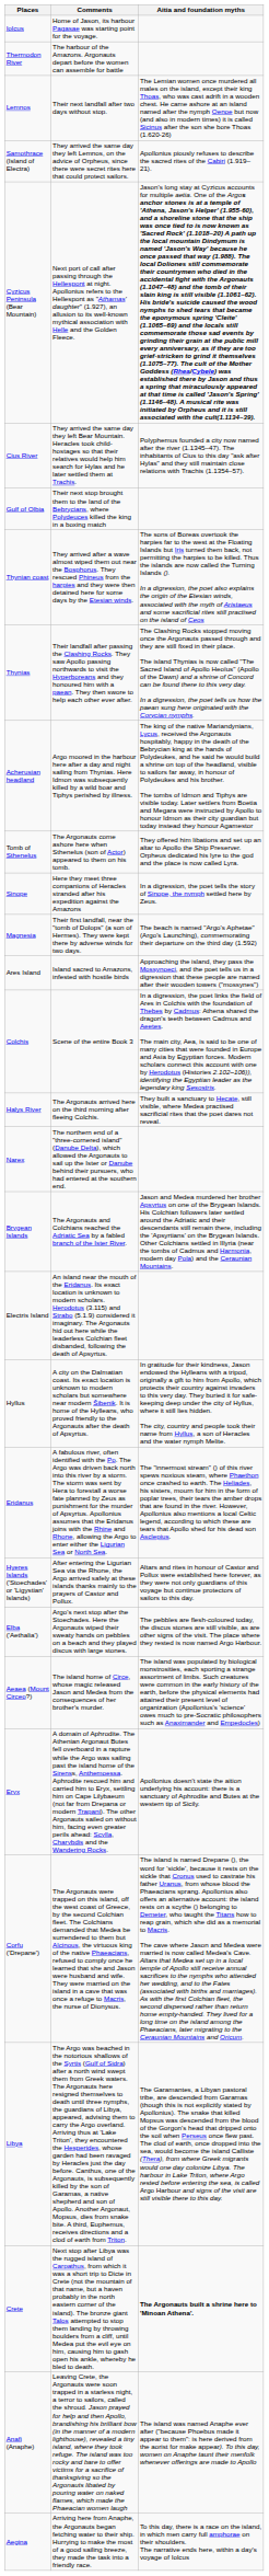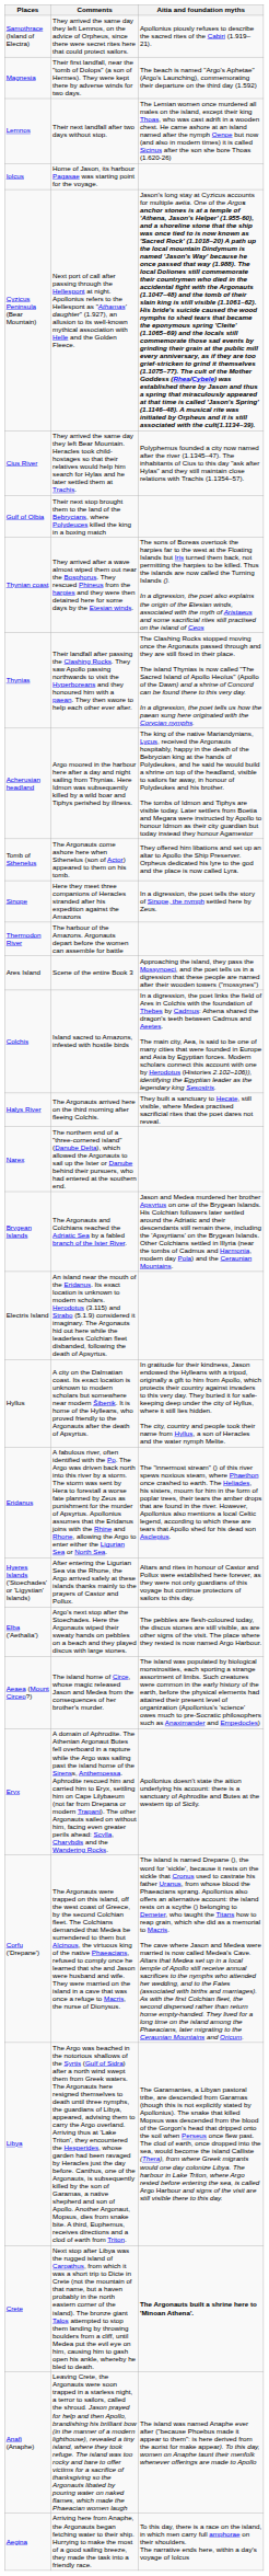 <table class="wikitable">
 <tr>
 <th>Places</th>
 <th>Comments</th>
 <th>Aitia and foundation myths</th>
 </tr>
 <tr>
-<td><a href='#'>Iolcus</a></td>
-<td>Home of Jason, its harbour <a href='#'>Pagasae</a> was starting point for the voyage.</td>
-<td></td>
+<td><a href='#'>Samothrace</a> (Island of Electra)</td>
+<td>They arrived the same day they left Lemnos, on the advice of Orpheus, since there were secret rites here that could protect sailors.</td>
+<td>Apollonius piously refuses to describe the sacred rites of the <a href='#'>Cabiri</a> (1.919–21).</td>
 </tr>
 <tr>
-<td><a href='#'>Thermodon River</a></td>
-<td>The harbour of the Amazons. Argonauts depart before the women can assemble for battle</td>
-<td></td>
+<td><a href='#'>Magnesia</a></td>
+<td>Their first landfall, near the "tomb of Dolops" (a son of Hermes). They were kept there by adverse winds for two days.</td>
+<td>The beach is named "Argo's Aphetae" (Argo's Launching), commemorating their departure on the third day (1.592)</td>
 </tr>
 <tr>
 <td><a href='#'>Lemnos</a></td>
 <td>Their next landfall after two days without stop.</td>
 <td>The Lemian women once murdered all males on the island, except their king <a href='#'>Thoas</a>, who was cast adrift in a wooden chest. He came ashore at an island named after the nymph <a href='#'>Oenoe</a> but now (and also in modern times) it is called <a href='#'>Sicinus</a> after the son she bore Thoas (1.620-26)</td>
 </tr>
 <tr>
-<td><a href='#'>Samothrace</a> (Island of Electra)</td>
-<td>They arrived the same day they left Lemnos, on the advice of Orpheus, since there were secret rites here that could protect sailors.</td>
-<td>Apollonius piously refuses to describe the sacred rites of the <a href='#'>Cabiri</a> (1.919–21).</td>
+<td><a href='#'>Iolcus</a></td>
+<td>Home of Jason, its harbour <a href='#'>Pagasae</a> was starting point for the voyage.</td>
+<td></td>
 </tr>
 <tr>
 <td><a href='#'>Cyzicus Peninsula</a> (Bear Mountain)</td>
 <td>Next port of call after passing through the <a href='#'>Hellespont</a> at night. Apollonius refers to the Hellespont as "<em><a href='#'>Athamas</a>' daughter</em>" (1.927), an allusion to its well-known mythical association with <a href='#'>Helle</a> and the Golden Fleece.</td>
 <td>Jason's long stay at Cyzicus accounts for multiple <em>aetia</em>. One of the <em>Argo<strong>s anchor stones is at a temple of 'Athena, Jason's Helper' (1.955-60), and a shoreline stone that the ship was once tied to is now known as 'Sacred Rock' (1.1018–20) A path up the local mountain Dindymum is named 'Jason's Way' because he once passed that way (1.988). The local Doliones still commemorate their countrymen who died in the accidental fight with the Argonauts (1.1047–48) and the tomb of their slain king is still visible (1.1061–62). His bride's suicide caused the wood nymphs to shed tears that became the eponymous spring 'Cleite' (1.1065–69) and the locals still commemorate those sad events by grinding their grain at the public mill every anniversary, as if they are too grief-stricken to grind it themselves (1.1075–77). The cult of the Mother Goddess (<a href='#'>Rhea</a>/<a href='#'>Cybele</a>) was established there by Jason and thus a spring that miraculously appeared at that time is called 'Jason's Spring' (1.1146–48). A musical rite was initiated by Orpheus and it is still associated with the cult(1.1134–39).</td>
 </tr>
 <tr>
 <td><a href='#'>Cius River</a></td>
 <td>They arrived the same day they left Bear Mountain. Heracles took child-hostages so that their relatives would help him search for Hylas and he later settled them at <a href='#'>Trachis</a>.</td>
 <td>Polyphemus founded a city now named after the river (1.1345–47). The inhabitants of Cius to this day "ask after Hylas" and they still maintain close relations with Trachis (1.1354–57).</td>
 </tr>
 <tr>
 <td><a href='#'>Gulf of Olbia</a></td>
 <td>Their next stop brought them to the land of the <a href='#'>Bebrycians</a>, where <a href='#'>Polydeuces</a> killed the king in a boxing match</td>
 <td></td>
 </tr>
 <tr>
 <td><a href='#'>Thynian coast</a></td>
 <td>They arrived after a wave almost wiped them out near the <a href='#'>Bosphorus</a>. They rescued <a href='#'>Phineus</a> from the <a href='#'>harpies</a> and they were then detained here for some days by the <a href='#'>Etesian winds</a>.</td>
 <td>The sons of Boreas overtook the harpies far to the west at the Floating Islands but <a href='#'>Iris</a> turned them back, not permitting the harpies to be killed. Thus the islands are now called the </em>Turning Islands<em> ().<br><br>In a digression, the poet also explains the origin of the Etesian winds, associated with the myth of <a href='#'>Aristaeus</a> and some sacrificial rites still practised on the island of <a href='#'>Ceos</a></td>
 </tr>
 <tr>
 <td><a href='#'>Thynias</a></td>
 <td>Their landfall after passing the <a href='#'>Clashing Rocks</a>. They saw Apollo passing northwards to visit the <a href='#'>Hyperboreans</a> and they honoured him with a <a href='#'>paean</a>. They then swore to help each other ever after.</td>
 <td>The Clashing Rocks stopped moving once the Argonauts passed through and they are still fixed in their place.<br><br>The island Thynias is now called "The Sacred Island of Apollo Heoïus" (</em>Apollo of the Dawn<em>) and a shrine of Concord can be found there to this very day.<br><br>In a digression, the poet tells us how the paean sung here originated with the <a href='#'>Corycian nymphs</a>.</td>
 </tr>
 <tr>
 <td><a href='#'>Acherusian headland</a></td>
 <td>Argo moored in the harbour here after a day and night sailing from Thynias. Here Idmon was subsequently killed by a wild boar and Tiphys perished by illness.</td>
 <td>The king of the native Mariandynians, <a href='#'>Lycus</a>, received the Argonauts hospitably, happy in the death of the Bebrycian king at the hands of Polydeukes, and he said he would build a shrine on top of the headland, visible to sailors far away, in honour of Polydeukes and his brother.<br><br>The tombs of Idmon and Tiphys are visible today. Later settlers from Boetia and Megara were instructed by Apollo to honour Idmon as their city guardian but today instead they honour Agamestor</td>
 </tr>
 <tr>
 <td>Tomb of <a href='#'>Sthenelus</a></td>
 <td>The Argonauts come ashore here when Sthenelus (son of <a href='#'>Actor</a>) appeared to them on his tomb.</td>
 <td>They offered him libations and set up an altar to Apollo the Ship Preserver. Orpheus dedicated his lyre to the god and the place is now called Lyra.</td>
 </tr>
 <tr>
 <td><a href='#'>Sinope</a></td>
 <td>Here they meet three companions of Heracles stranded after his expedition against the Amazons</td>
 <td>In a digression, the poet tells the story of <a href='#'>Sinope, the nymph</a> settled here by Zeus.</td>
 </tr>
 <tr>
-<td><a href='#'>Magnesia</a></td>
-<td>Their first landfall, near the "tomb of Dolops" (a son of Hermes). They were kept there by adverse winds for two days.</td>
-<td>The beach is named "Argo's Aphetae" (Argo's Launching), commemorating their departure on the third day (1.592)</td>
+<td><a href='#'>Thermodon River</a></td>
+<td>The harbour of the Amazons. Argonauts depart before the women can assemble for battle</td>
+<td></td>
 </tr>
 <tr>
 <td>Ares Island</td>
-<td>Island sacred to Amazons, infested with hostile birds</td>
+<td>Scene of the entire Book 3</td>
 <td>Approaching the island, they pass the <a href='#'>Mossynoeci</a>, and the poet tells us in a digression that these people are named after their wooden towers ("mossynes")</td>
 </tr>
 <tr>
 <td><a href='#'>Colchis</a></td>
-<td>Scene of the entire Book 3</td>
+<td>Island sacred to Amazons, infested with hostile birds</td>
 <td>In a digression, the poet links the field of Ares in Colchis with the foundation of <a href='#'>Thebes</a> by <a href='#'>Cadmus</a>: Athena shared the dragon's teeth between Cadmus and <a href='#'>Aeetes</a>.<br><br> The main city, Aea, is said to be one of many cities that were founded in Europe and Asia by Egyptian forces. Modern scholars connect this account with one by <a href='#'>Herodotus</a> (</em>Histories<em> 2.102–106)), identifying the Egyptian leader as the legendary king <a href='#'>Sesostris</a>.</td>
 </tr>
 <tr>
 <td><a href='#'>Halys River</a></td>
 <td>The Argonauts arrived here on the third morning after fleeing Colchis.</td>
 <td>They built a sanctuary to <a href='#'>Hecate</a>, still visible, where Medea practised sacrificial rites that the poet dares not reveal.</td>
 </tr>
 <tr>
 <td><a href='#'>Narex</a></td>
 <td>The northern end of a "three-cornered island" (<a href='#'>Danube Delta</a>), which allowed the Argonauts to sail up the Ister or <a href='#'>Danube</a> behind their pursuers, who had entered at the southern end.</td>
 </tr>
 <tr>
 <td><a href='#'>Brygean Islands</a></td>
 <td>The Argonauts and Colchians reached the <a href='#'>Adriatic Sea</a> by a fabled <a href='#'>branch of the Ister River</a>.</td>
 <td>Jason and Medea murdered her brother <a href='#'>Apsyrtus</a> on one of the Brygean Islands. His Colchian followers later settled around the Adriatic and their descendants still remain there, including the 'Apsyrtians' on the Brygean Islands. Other Colchians settled in Illyria (near the tombs of Cadmus and <a href='#'>Harmonia</a>, modern day <a href='#'>Pola</a>) and the <a href='#'>Ceraunian Mountains</a>.</td>
 </tr>
 <tr>
 <td>Electris Island</td>
 <td>An island near the mouth of the <a href='#'>Eridanus</a>. Its exact location is unknown to modern scholars. <a href='#'>Herodotus</a> (3.115) and <a href='#'>Strabo</a> (5.1.9) considered it imaginary. The Argonauts hid out here while the leaderless Colchian fleet disbanded, following the death of Apsyrtus.</td>
 <td></td>
 </tr>
 <tr>
 <td>Hyllus</td>
 <td>A city on the Dalmatian coast. Its exact location is unknown to modern scholars but somewhere near modern <a href='#'>Šibenik</a>. It is home of the Hylleans, who proved friendly to the Argonauts after the death of Apsyrtus.</td>
 <td>In gratitude for their kindness, Jason endowed the Hylleans with a tripod, originally a gift to him from Apollo, which protects their country against invaders to this very day. They buried it for safe-keeping deep under the city of Hyllus, where it still lies hidden.<br><br> The city, country and people took their name from <a href='#'>Hyllus</a>, a son of Heracles and the water nymph Melite.</td>
 </tr>
 <tr>
 <td><a href='#'>Eridanus</a></td>
 <td>A fabulous river, often identified with the <a href='#'>Po</a>. The Argo was driven back north into this river by a storm. The storm was sent by Hera to forestall a worse fate planned by Zeus as punishment for the murder of Apsyrtus. Apollonius assumes that the Eridanus joins with the <a href='#'>Rhine</a> and <a href='#'>Rhone</a>, allowing the Argo to enter either the <a href='#'>Ligurian Sea</a> or <a href='#'>North Sea</a>.</td>
 <td>The "innermost stream" () of this river spews noxious steam, where <a href='#'>Phaethon</a> once crashed to earth. The <a href='#'>Heliades</a>, his sisters, mourn for him in the form of poplar trees, their tears the amber drops that are found in the river. However, Apollonius also mentions a local Celtic legend, according to which these are tears that Apollo shed for his dead son <a href='#'>Asclepius</a>.</td>
 </tr>
 <tr>
 <td><a href='#'>Hyeres Islands</a> ('Stoechades' or 'Ligystian' Islands)</td>
 <td>After entering the Ligurian Sea via the Rhone, the Argo arrived safely at these islands thanks mainly to the prayers of Castor and Pollux.</td>
 <td>Altars and rites in honour of Castor and Pollux were established here forever, as they were not only guardians of this voyage but continue protectors of sailors to this day.</td>
 </tr>
 <tr>
 <td><a href='#'>Elba</a> ('Aethalia')</td>
 <td>Argo's next stop after the Stoechades. Here the Argonauts wiped their sweaty hands on pebbles on a beach and they played discus with large stones.</td>
 <td>The pebbles are flesh-coloured today, the discus stones are still visible, as are other signs of the visit. The place where they rested is now named Argo Harbour.</td>
 </tr>
 <tr>
 <td><a href='#'>Aeaea</a> (<a href='#'>Mount Circeo</a>?)</td>
 <td>The island home of <a href='#'>Circe</a>, whose magic released Jason and Medea from the consequences of her brother's murder.</td>
 <td>The island was populated by biological monstrosities, each sporting a strange assortment of limbs. Such creatures were common in the early history of the earth, before the physical elements had attained their present level of organization (Apollonius's 'science' owes much to pre-Socratic philosophers such as <a href='#'>Anaximander</a> and <a href='#'>Empedocles</a>)</td>
 </tr>
 <tr>
 <td><a href='#'>Eryx</a></td>
 <td>A domain of Aphrodite. The Athenian Argonaut Butes fell overboard in a rapture while the Argo was sailing past the island home of the <a href='#'>Sirens</a>s, <a href='#'>Anthemoessa</a>. Aphrodite rescued him and carried him to Eryx, settling him on Cape Lilybaeum (not far from Drepana or modern <a href='#'>Trapani</a>). The other Argonauts sailed on without him, facing even greater perils ahead: <a href='#'>Scylla</a>, <a href='#'>Charybdis</a> and the <a href='#'>Wandering Rocks</a>.</td>
 <td>Apollonius doesn't state the aition underlying his account: there is a sanctuary of Aphrodite and Butes at the western tip of Sicily.</td>
 </tr>
 <tr>
 <td><a href='#'>Corfu</a> ('Drepane')</td>
 <td>The Argonauts were trapped on this island, off the west coast of Greece, by the second Colchian fleet. The Colchians demanded that Medea be surrendered to them but <a href='#'>Alcinous</a>, the virtuous king of the native <a href='#'>Phaeacians</a>, refused to comply once he learned that she and Jason were husband and wife. They were married on the island in a cave that was once a refuge to <a href='#'>Macris</a>, the nurse of Dionysus.</td>
 <td>The island is named Drepane (), the word for 'sickle', because it rests on the sickle that <a href='#'>Cronus</a> used to castrate his father <a href='#'>Uranus</a>, from whose blood the Phaeacians sprang. Apollonius also offers an alternative account: the island rests on a scythe () belonging to <a href='#'>Demeter</a>, who taught the <a href='#'>Titans</a> how to reap grain, which she did as a memorial to <a href='#'>Macris</a>.<br><br>The cave where Jason and Medea were married is now called </em>Medea's Cave<em>. Altars that Medea set up in a local temple of Apollo still receive annual sacrifices to the nymphs who attended her wedding, and to the Fates (associated with births and marriages). <br> As with the first Colchian fleet, the second dispersed rather than return home empty-handed. They lived for a long time on the island among the Phaeacians, later migrating to the <a href='#'>Ceraunian Mountains</a> and <a href='#'>Oricum</a>.</td>
 </tr>
 <tr>
 <td><a href='#'>Libya</a></td>
 <td>The Argo was beached in the notorious shallows of the <a href='#'>Syrtis</a> (<a href='#'>Gulf of Sidra</a>) after a north wind swept them from Greek waters. The Argonauts here resigned themselves to death until three nymphs, the guardians of Libya, appeared, advising them to carry the Argo overland. Arriving thus at 'Lake Triton', they encountered the <a href='#'>Hesperides</a>, whose garden had been ravaged by Heracles just the day before. Canthus, one of the Argonauts, is subsequently killed by the son of Garamas, a native shepherd and son of Apollo. Another Argonaut, Mopsus, dies from snake bite. A third, Euphemus, receives directions and a clod of earth from <a href='#'>Triton</a>.</td>
 <td>The Garamantes, a Libyan pastoral tribe, are descended from Garamas (though this is not explicitly stated by Apollonius). The snake that killed Mopsus was descended from the blood of the Gorgon's head that dripped onto the soil when <a href='#'>Perseus</a> once flew past. The clod of earth, once dropped into the sea, would become the island </em>Calliste<em> (<a href='#'>Thera</a>), from where Greek migrants would one day colonize Libya. The harbour in Lake Triton, where Argo rested before entering the sea, is called </em>Argo Harbour<em> and signs of the visit are still visible there to this day.</td>
 </tr>
 <tr>
 <td><a href='#'>Crete</a></td>
 <td>Next stop after Libya was the rugged island of <a href='#'>Carpathus</a>, from which it was a short trip to Dicte in Crete (not the mountain of that name, but a haven probably in the north eastern corner of the island). The bronze giant <a href='#'>Talos</a> attempted to stop them landing by throwing boulders from a cliff, until Medea put the evil eye on him, causing him to gash open his ankle, whereby he bled to death.</td>
 <td><strong>The Argonauts built a shrine here to 'Minoan Athena'.</strong></td>
 </tr>
 <tr>
 <td><a href='#'>Anafi</a> (Anaphe)</td>
 <td>Leaving Crete, the Argonauts were soon trapped in a starless night, a terror to sailors, called </em>the shroud<em>. Jason prayed for help and then Apollo, brandishing his brilliant bow (in the manner of a modern lighthouse), revealed a tiny island, where they took refuge. The island was too rocky and bare to offer victims for a sacrifice of thanksgiving so the Argonauts libated by pouring water on naked flames, which made the Phaeacian women laugh</td>
 <td>The island was named Anaphe ever after ("because Phoebus made it appear to them":  is here derived from the aorist for </em>make appear<em>). To this day, women on Anaphe taunt their menfolk whenever offerings are made to Apollo</td>
 </tr>
 <tr>
 <td><a href='#'>Aegina</a></td>
 <td>Arriving here from Anaphe, the Argonauts began fetching water to their ship. Hurrying to make the most of a good sailing breeze, they made the task into a friendly race.</td>
 <td>To this day, there is a race on the island, in which men carry full <a href='#'>amphorae</a> on their shoulders.<br></em>The narrative ends here, within a day's voyage of Iolcus<em></td>
 </tr>
 </table>
